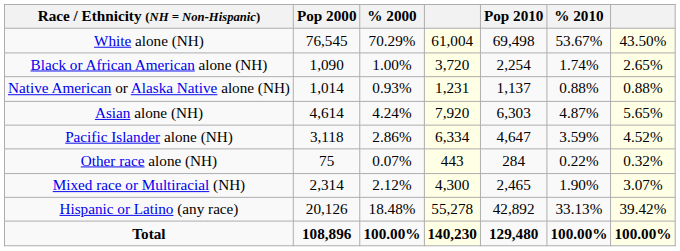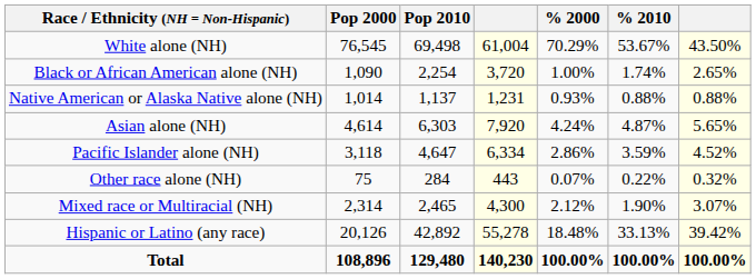 <table class="wikitable" style="text-align:center;">
 <tr>
 <th>Race / Ethnicity <small>(<em>NH = Non-Hispanic</em>)</small></th>
 <th>Pop 2000</th>
+<th>Pop 2010</th>
+<th></th>
 <th>% 2000</th>
-<th></th>
-<th>Pop 2010</th>
 <th>% 2010</th>
 <th></th>
 </tr>
 <tr>
 <td><a href='#'>White</a> alone (NH)</td>
 <td>76,545</td>
+<td>69,498</td>
+<td style='background: #ffffe6;'>61,004</td>
 <td>70.29%</td>
-<td style='background: #ffffe6;'>61,004</td>
-<td>69,498</td>
 <td>53.67%</td>
 <td style='background: #ffffe6;'>43.50%</td>
 </tr>
 <tr>
 <td><a href='#'>Black or African American</a> alone (NH)</td>
 <td>1,090</td>
+<td>2,254</td>
+<td style='background: #ffffe6;'>3,720</td>
 <td>1.00%</td>
-<td style='background: #ffffe6;'>3,720</td>
-<td>2,254</td>
 <td>1.74%</td>
 <td style='background: #ffffe6;'>2.65%</td>
 </tr>
 <tr>
 <td><a href='#'>Native American</a> or <a href='#'>Alaska Native</a> alone (NH)</td>
 <td>1,014</td>
+<td>1,137</td>
+<td style='background: #ffffe6;'>1,231</td>
 <td>0.93%</td>
-<td style='background: #ffffe6;'>1,231</td>
-<td>1,137</td>
 <td>0.88%</td>
 <td style='background: #ffffe6;'>0.88%</td>
 </tr>
 <tr>
 <td><a href='#'>Asian</a> alone (NH)</td>
 <td>4,614</td>
+<td>6,303</td>
+<td style='background: #ffffe6;'>7,920</td>
 <td>4.24%</td>
-<td style='background: #ffffe6;'>7,920</td>
-<td>6,303</td>
 <td>4.87%</td>
 <td style='background: #ffffe6;'>5.65%</td>
 </tr>
 <tr>
 <td><a href='#'>Pacific Islander</a> alone (NH)</td>
 <td>3,118</td>
+<td>4,647</td>
+<td style='background: #ffffe6;'>6,334</td>
 <td>2.86%</td>
-<td style='background: #ffffe6;'>6,334</td>
-<td>4,647</td>
 <td>3.59%</td>
 <td style='background: #ffffe6;'>4.52%</td>
 </tr>
 <tr>
 <td><a href='#'>Other race</a> alone (NH)</td>
 <td>75</td>
+<td>284</td>
+<td style='background: #ffffe6;'>443</td>
 <td>0.07%</td>
-<td style='background: #ffffe6;'>443</td>
-<td>284</td>
 <td>0.22%</td>
 <td style='background: #ffffe6;'>0.32%</td>
 </tr>
 <tr>
 <td><a href='#'>Mixed race or Multiracial</a> (NH)</td>
 <td>2,314</td>
+<td>2,465</td>
+<td style='background: #ffffe6;'>4,300</td>
 <td>2.12%</td>
-<td style='background: #ffffe6;'>4,300</td>
-<td>2,465</td>
 <td>1.90%</td>
 <td style='background: #ffffe6;'>3.07%</td>
 </tr>
 <tr>
 <td><a href='#'>Hispanic or Latino</a> (any race)</td>
 <td>20,126</td>
+<td>42,892</td>
+<td style='background: #ffffe6;'>55,278</td>
 <td>18.48%</td>
-<td style='background: #ffffe6;'>55,278</td>
-<td>42,892</td>
 <td>33.13%</td>
 <td style='background: #ffffe6;'>39.42%</td>
 </tr>
 <tr>
 <td><strong>Total</strong></td>
 <td><strong>108,896</strong></td>
+<td><strong>129,480</strong></td>
+<td style='background: #ffffe6;'><strong>140,230</strong></td>
 <td><strong>100.00%</strong></td>
-<td style='background: #ffffe6;'><strong>140,230</strong></td>
-<td><strong>129,480</strong></td>
 <td><strong>100.00%</strong></td>
 <td style='background: #ffffe6;'><strong>100.00%</strong></td>
 </tr>
 </table>
